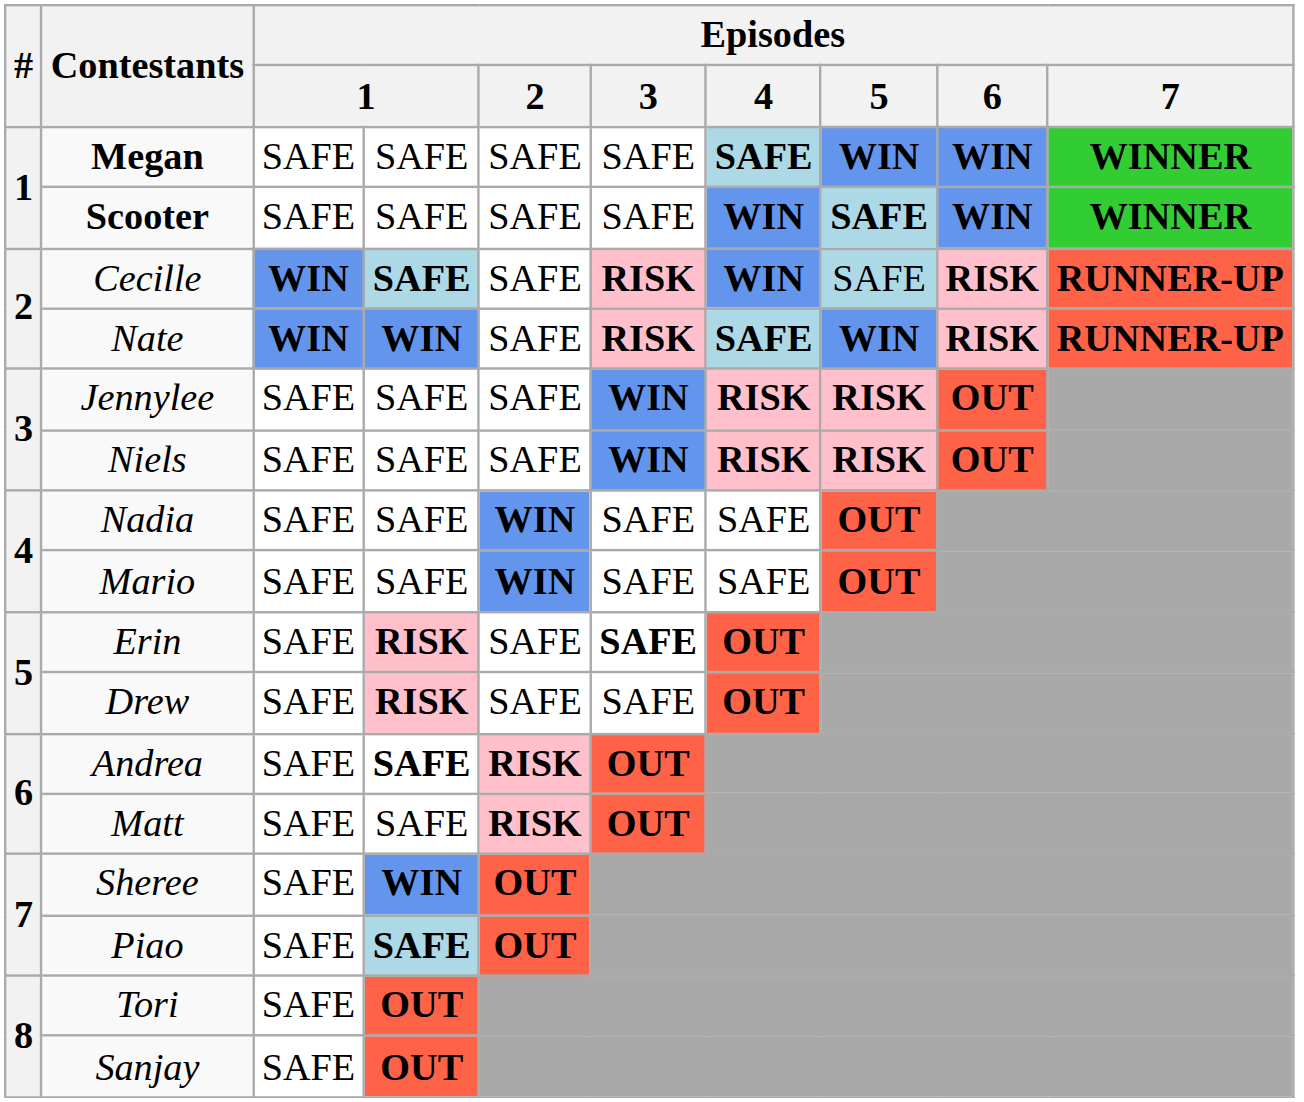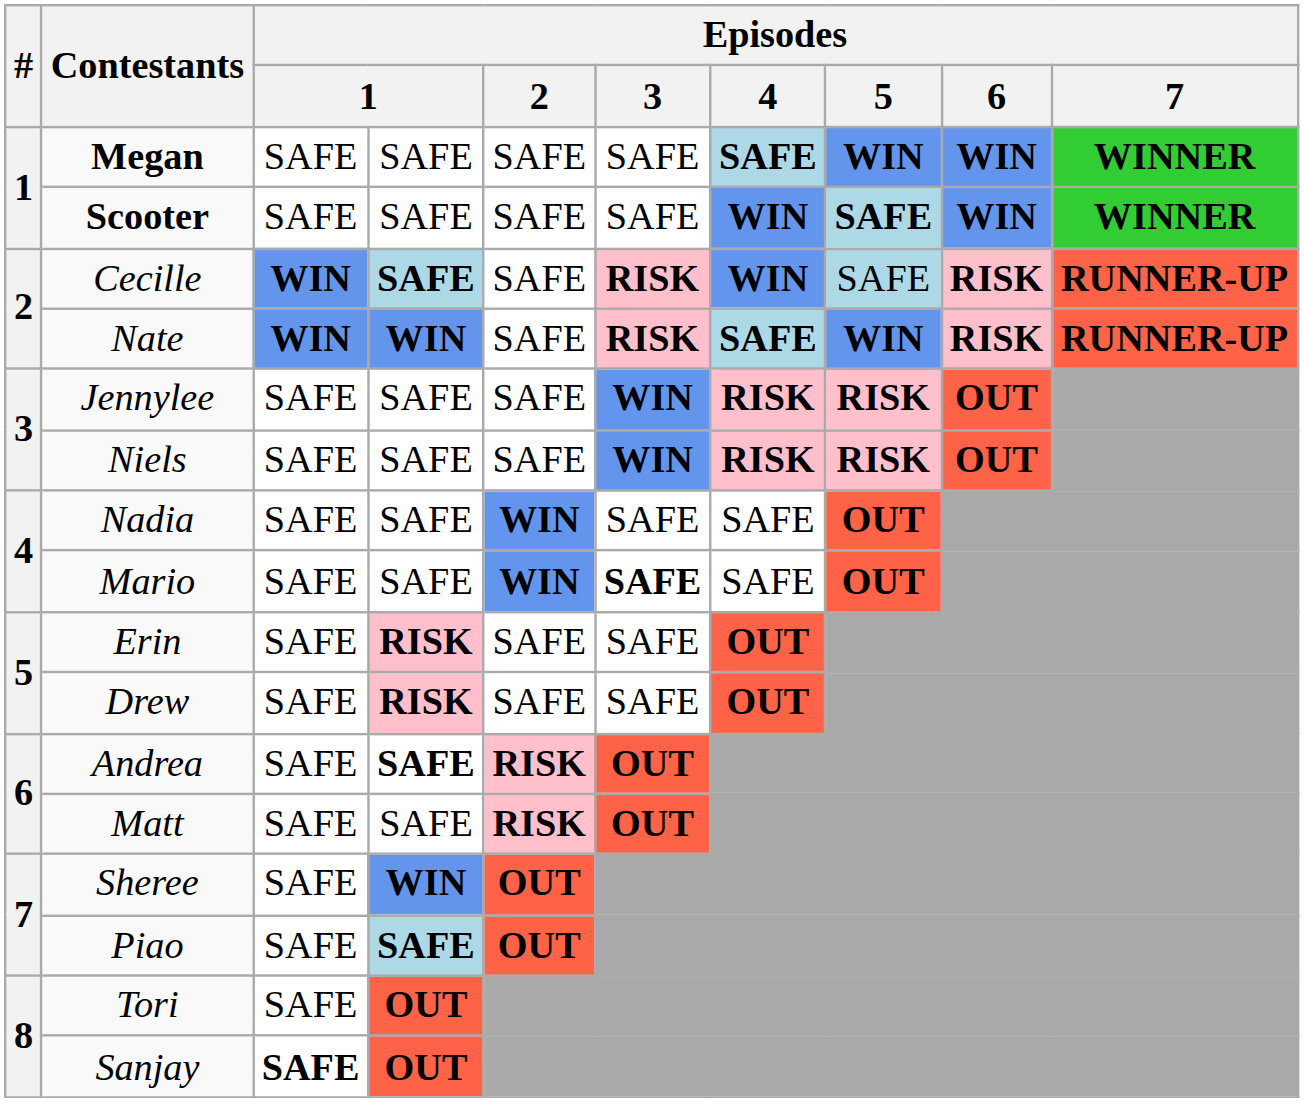 <table class="wikitable" style="text-align:center">
 <tr>
 <th rowspan=2>#</th>
 <th rowspan=2>Contestants</th>
 <th colspan=8>Episodes</th>
 </tr>
 <tr>
 <th colspan=2>1</th>
 <th>2</th>
 <th>3</th>
 <th>4</th>
 <th>5</th>
 <th>6</th>
 <th>7</th>
 </tr>
 <tr>
 <th rowspan=2>1</th>
 <td><strong>Megan</strong></td>
 <td style="background:white;">SAFE</td>
 <td style="background:white;">SAFE</td>
 <td style="background:white;">SAFE</td>
 <td style="background:white;">SAFE</td>
 <td style="background:lightblue;"><strong>SAFE</strong></td>
 <td style="background:cornflowerblue;"><strong>WIN</strong></td>
 <td style="background:cornflowerblue;"><strong>WIN</strong></td>
 <td style="background:limegreen;"><strong>WINNER</strong></td>
 </tr>
 <tr>
 <td><strong>Scooter</strong></td>
 <td style="background:white;">SAFE</td>
 <td style="background:white;">SAFE</td>
 <td style="background:white;">SAFE</td>
 <td style="background:white;">SAFE</td>
 <td style="background:cornflowerblue;"><strong>WIN</strong></td>
 <td style="background:lightblue;"><strong>SAFE</strong></td>
 <td style="background:cornflowerblue;"><strong>WIN</strong></td>
 <td style="background:limegreen;"><strong>WINNER</strong></td>
 </tr>
 <tr>
 <th rowspan=2>2</th>
 <td><em>Cecille</em></td>
 <td style="background:cornflowerblue;"><strong>WIN</strong></td>
 <td style="background:lightblue;"><strong>SAFE</strong></td>
 <td style="background:white;">SAFE</td>
 <td style="background:pink;"><strong>RISK</strong></td>
 <td style="background:cornflowerblue;"><strong>WIN</strong></td>
 <td style="background:lightblue;">SAFE</td>
 <td style="background:pink;"><strong>RISK</strong></td>
 <td style="background:tomato;"><strong>RUNNER-UP</strong></td>
 </tr>
 <tr>
 <td><em>Nate</em></td>
 <td style="background:cornflowerblue;"><strong>WIN</strong></td>
 <td style="background:cornflowerblue;"><strong>WIN</strong></td>
 <td style="background:white;">SAFE</td>
 <td style="background:pink;"><strong>RISK</strong></td>
 <td style="background:lightblue;"><strong>SAFE</strong></td>
 <td style="background:cornflowerblue;"><strong>WIN</strong></td>
 <td style="background:pink;"><strong>RISK</strong></td>
 <td style="background:tomato;"><strong>RUNNER-UP</strong></td>
 </tr>
 <tr>
 <th rowspan=2>3</th>
 <td><em>Jennylee</em></td>
 <td style="background:white;">SAFE</td>
 <td style="background:white;">SAFE</td>
 <td style="background:white;">SAFE</td>
 <td style="background:cornflowerblue;"><strong>WIN</strong></td>
 <td style="background:pink;"><strong>RISK</strong></td>
 <td style="background:pink;"><strong>RISK</strong></td>
 <td style="background:tomato;"><strong>OUT</strong></td>
 <td style="background:darkgray;"></td>
 </tr>
 <tr>
 <td><em>Niels</em></td>
 <td style="background:white;">SAFE</td>
 <td style="background:white;">SAFE</td>
 <td style="background:white;">SAFE</td>
 <td style="background:cornflowerblue;"><strong>WIN</strong></td>
 <td style="background:pink;"><strong>RISK</strong></td>
 <td style="background:pink;"><strong>RISK</strong></td>
 <td style="background:tomato;"><strong>OUT</strong></td>
 <td style="background:darkgray;"></td>
 </tr>
 <tr>
 <th rowspan=2>4</th>
 <td><em>Nadia</em></td>
 <td style="background:white;">SAFE</td>
 <td style="background:white;">SAFE</td>
 <td style="background:cornflowerblue;"><strong>WIN</strong></td>
 <td style="background:white;">SAFE</td>
 <td style="background:white;">SAFE</td>
 <td style="background:tomato;"><strong>OUT</strong></td>
 <td style="background:darkgray;" colspan="2"></td>
 </tr>
 <tr>
 <td><em>Mario</em></td>
 <td style="background:white;">SAFE</td>
 <td style="background:white;">SAFE</td>
 <td style="background:cornflowerblue;"><strong>WIN</strong></td>
-<td style="background:white;">SAFE</td>
+<td style="background:white;"><strong>SAFE</strong></td>
 <td style="background:white;">SAFE</td>
 <td style="background:tomato;"><strong>OUT</strong></td>
 <td style="background:darkgray;" colspan="2"></td>
 </tr>
 <tr>
 <th rowspan=2>5</th>
 <td><em>Erin</em></td>
 <td style="background:white;">SAFE</td>
 <td style="background:pink;"><strong>RISK</strong></td>
 <td style="background:white;">SAFE</td>
-<td style="background:white;"><strong>SAFE</strong></td>
+<td style="background:white;">SAFE</td>
 <td style="background:tomato;"><strong>OUT</strong></td>
 <td style="background:darkgray;" colspan="3"></td>
 </tr>
 <tr>
 <td><em>Drew</em></td>
 <td style="background:white;">SAFE</td>
 <td style="background:pink;"><strong>RISK</strong></td>
 <td style="background:white;">SAFE</td>
 <td style="background:white;">SAFE</td>
 <td style="background:tomato;"><strong>OUT</strong></td>
 <td style="background:darkgray;" colspan="3"></td>
 </tr>
 <tr>
 <th rowspan=2>6</th>
 <td><em>Andrea</em></td>
 <td style="background:white;">SAFE</td>
 <td style="background:white;"><strong>SAFE</strong></td>
 <td style="background:pink;"><strong>RISK</strong></td>
 <td style="background:tomato;"><strong>OUT</strong></td>
 <td style="background:darkgray;" colspan="4"></td>
 </tr>
 <tr>
 <td><em>Matt</em></td>
 <td style="background:white;">SAFE</td>
 <td style="background:white;">SAFE</td>
 <td style="background:pink;"><strong>RISK</strong></td>
 <td style="background:tomato;"><strong>OUT</strong></td>
 <td style="background:darkgray;" colspan="4"></td>
 </tr>
 <tr>
 <th rowspan=2>7</th>
 <td><em>Sheree</em></td>
 <td style="background:white;">SAFE</td>
 <td style="background:cornflowerblue;"><strong>WIN</strong></td>
 <td style="background:tomato;"><strong>OUT</strong></td>
 <td style="background:darkgray;" colspan="5"></td>
 </tr>
 <tr>
 <td><em>Piao</em></td>
 <td style="background:white;">SAFE</td>
 <td style="background:lightblue;"><strong>SAFE</strong></td>
 <td style="background:tomato;"><strong>OUT</strong></td>
 <td style="background:darkgray;" colspan="5"></td>
 </tr>
 <tr>
 <th rowspan=2>8</th>
 <td><em>Tori</em></td>
 <td style="background:white;">SAFE</td>
 <td style="background:tomato;"><strong>OUT</strong></td>
 <td style="background:darkgray;" colspan="6"></td>
 </tr>
 <tr>
 <td><em>Sanjay</em></td>
-<td style="background:white;">SAFE</td>
+<td style="background:white;"><strong>SAFE</strong></td>
 <td style="background:tomato;"><strong>OUT</strong></td>
 <td style="background:darkgray;" colspan="6"></td>
 </tr>
 </table>
